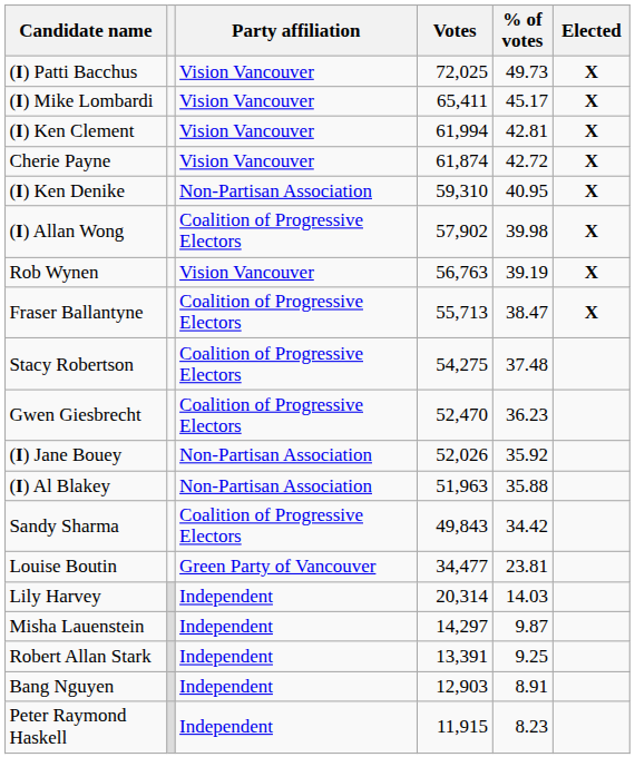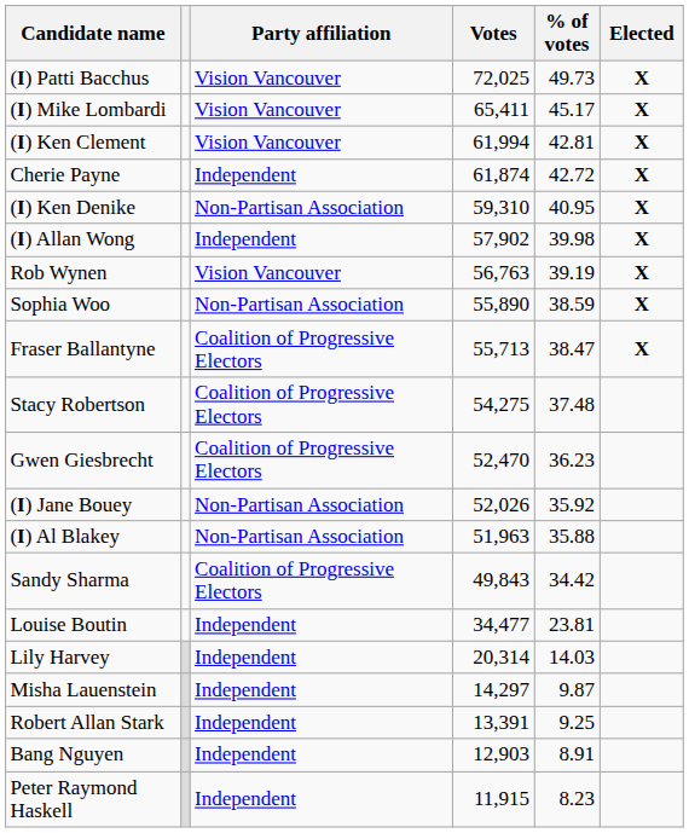 <table class="wikitable sortable" style="width: 60%;">
 <tr>
 <th style="width:20%;">Candidate name</th>
 <th style="width:0.05%;" class="unsortable"></th>
 <th style="width:30%;">Party affiliation</th>
 <th style="width:8%;">Votes</th>
 <th style="width:5%;">% of votes</th>
 <th style="width:5%;">Elected</th>
 </tr>
 <tr>
 <td data-sort-value="Bacchus, Patti">(<strong>I</strong>) Patti Bacchus</td>
 <td style="background:"></td>
 <td><a href='#'>Vision Vancouver</a></td>
 <td style="text-align: right;">72,025</td>
 <td style="text-align: right;">49.73</td>
 <td style="text-align: center;"><strong>X</strong></td>
 </tr>
 <tr>
 <td data-sort-value="Lombardi, Mike">(<strong>I</strong>) Mike Lombardi</td>
 <td style="background:"></td>
 <td><a href='#'>Vision Vancouver</a></td>
 <td style="text-align: right;">65,411</td>
 <td style="text-align: right;">45.17</td>
 <td style="text-align: center;"><strong>X</strong></td>
 </tr>
 <tr>
 <td data-sort-value="Clement, Ken">(<strong>I</strong>) Ken Clement</td>
 <td style="background:"></td>
 <td><a href='#'>Vision Vancouver</a></td>
 <td style="text-align: right;">61,994</td>
 <td style="text-align: right;">42.81</td>
 <td style="text-align: center;"><strong>X</strong></td>
 </tr>
 <tr>
 <td data-sort-value="Payne, Cherie">Cherie Payne</td>
 <td style="background:"></td>
-<td><a href='#'>Vision Vancouver</a></td>
+<td><a href='#'>Independent</a></td>
 <td style="text-align: right;">61,874</td>
 <td style="text-align: right;">42.72</td>
 <td style="text-align: center;"><strong>X</strong></td>
 </tr>
 <tr>
 <td data-sort-value="Denike, Ken">(<strong>I</strong>) Ken Denike</td>
 <td style="background:"></td>
 <td><a href='#'>Non-Partisan Association</a></td>
 <td style="text-align: right;">59,310</td>
 <td style="text-align: right;">40.95</td>
 <td style="text-align: center;"><strong>X</strong></td>
 </tr>
 <tr>
 <td data-sort-value="Wong, Allan">(<strong>I</strong>) Allan Wong</td>
 <td style="background:"></td>
-<td><a href='#'>Coalition of Progressive Electors</a></td>
+<td><a href='#'>Independent</a></td>
 <td style="text-align: right;">57,902</td>
 <td style="text-align: right;">39.98</td>
 <td style="text-align: center;"><strong>X</strong></td>
 </tr>
 <tr>
 <td data-sort-value="Wynen, Rob">Rob Wynen</td>
 <td style="background:"></td>
 <td><a href='#'>Vision Vancouver</a></td>
 <td style="text-align: right;">56,763</td>
 <td style="text-align: right;">39.19</td>
+<td style="text-align: center;"><strong>X</strong></td>
+</tr>
+<tr>
+<td data-sort-value="Woo, Sophia">Sophia Woo</td>
+<td style="background:"></td>
+<td><a href='#'>Non-Partisan Association</a></td>
+<td style="text-align: right;">55,890</td>
+<td style="text-align: right;">38.59</td>
 <td style="text-align: center;"><strong>X</strong></td>
 </tr>
 <tr>
 <td data-sort-value="Ballantyne, Fraser">Fraser Ballantyne</td>
 <td style="background:"></td>
 <td><a href='#'>Coalition of Progressive Electors</a></td>
 <td style="text-align: right;">55,713</td>
 <td style="text-align: right;">38.47</td>
 <td style="text-align: center;"><strong>X</strong></td>
 </tr>
 <tr>
 <td data-sort-value="Robertson, Stacy">Stacy Robertson</td>
 <td style="background:"></td>
 <td><a href='#'>Coalition of Progressive Electors</a></td>
 <td style="text-align: right;">54,275</td>
 <td style="text-align: right;">37.48</td>
 <td></td>
 </tr>
 <tr>
 <td data-sort-value="Giesbrecht, Gwen">Gwen Giesbrecht</td>
 <td style="background:"></td>
 <td><a href='#'>Coalition of Progressive Electors</a></td>
 <td style="text-align: right;">52,470</td>
 <td style="text-align: right;">36.23</td>
 <td></td>
 </tr>
 <tr>
 <td data-sort-value="Bouey, Jane">(<strong>I</strong>) Jane Bouey</td>
 <td style="background:"></td>
 <td><a href='#'>Non-Partisan Association</a></td>
 <td style="text-align: right;">52,026</td>
 <td style="text-align: right;">35.92</td>
 <td></td>
 </tr>
 <tr>
 <td data-sort-value="Blakey, Al">(<strong>I</strong>) Al Blakey</td>
 <td style="background:"></td>
 <td><a href='#'>Non-Partisan Association</a></td>
 <td style="text-align: right;">51,963</td>
 <td style="text-align: right;">35.88</td>
 <td></td>
 </tr>
 <tr>
 <td data-sort-value="Sharma, Sandy">Sandy Sharma</td>
 <td style="background:"></td>
 <td><a href='#'>Coalition of Progressive Electors</a></td>
 <td style="text-align: right;">49,843</td>
 <td style="text-align: right;">34.42</td>
 <td></td>
 </tr>
 <tr>
 <td data-sort-value="Boutin, Louise">Louise Boutin</td>
 <td style="background:"></td>
-<td><a href='#'>Green Party of Vancouver</a></td>
+<td><a href='#'>Independent</a></td>
 <td style="text-align: right;">34,477</td>
 <td style="text-align: right;">23.81</td>
 <td></td>
 </tr>
 <tr>
 <td data-sort-value="Harvey, Lily">Lily Harvey</td>
 <td style="background:gainsboro;"></td>
 <td><a href='#'>Independent</a></td>
 <td style="text-align: right;">20,314</td>
 <td style="text-align: right;">14.03</td>
 <td></td>
 </tr>
 <tr>
 <td data-sort-value="Lauenstein, Misha">Misha Lauenstein</td>
 <td style="background:gainsboro;"></td>
 <td><a href='#'>Independent</a></td>
 <td style="text-align: right;">14,297</td>
 <td style="text-align: right;">9.87</td>
 <td></td>
 </tr>
 <tr>
 <td data-sort-value="Stark, Robert Allan">Robert Allan Stark</td>
 <td style="background:gainsboro;"></td>
 <td><a href='#'>Independent</a></td>
 <td style="text-align: right;">13,391</td>
 <td style="text-align: right;">9.25</td>
 <td></td>
 </tr>
 <tr>
 <td data-sort-value="Nguyen, Bang">Bang Nguyen</td>
 <td style="background:gainsboro;"></td>
 <td><a href='#'>Independent</a></td>
 <td style="text-align: right;">12,903</td>
 <td style="text-align: right;">8.91</td>
 <td></td>
 </tr>
 <tr>
 <td data-sort-value="Haskell, Peter Raymond">Peter Raymond Haskell</td>
 <td style="background:gainsboro;"></td>
 <td><a href='#'>Independent</a></td>
 <td style="text-align: right;">11,915</td>
 <td style="text-align: right;">8.23</td>
 <td></td>
 </tr>
 </table>
